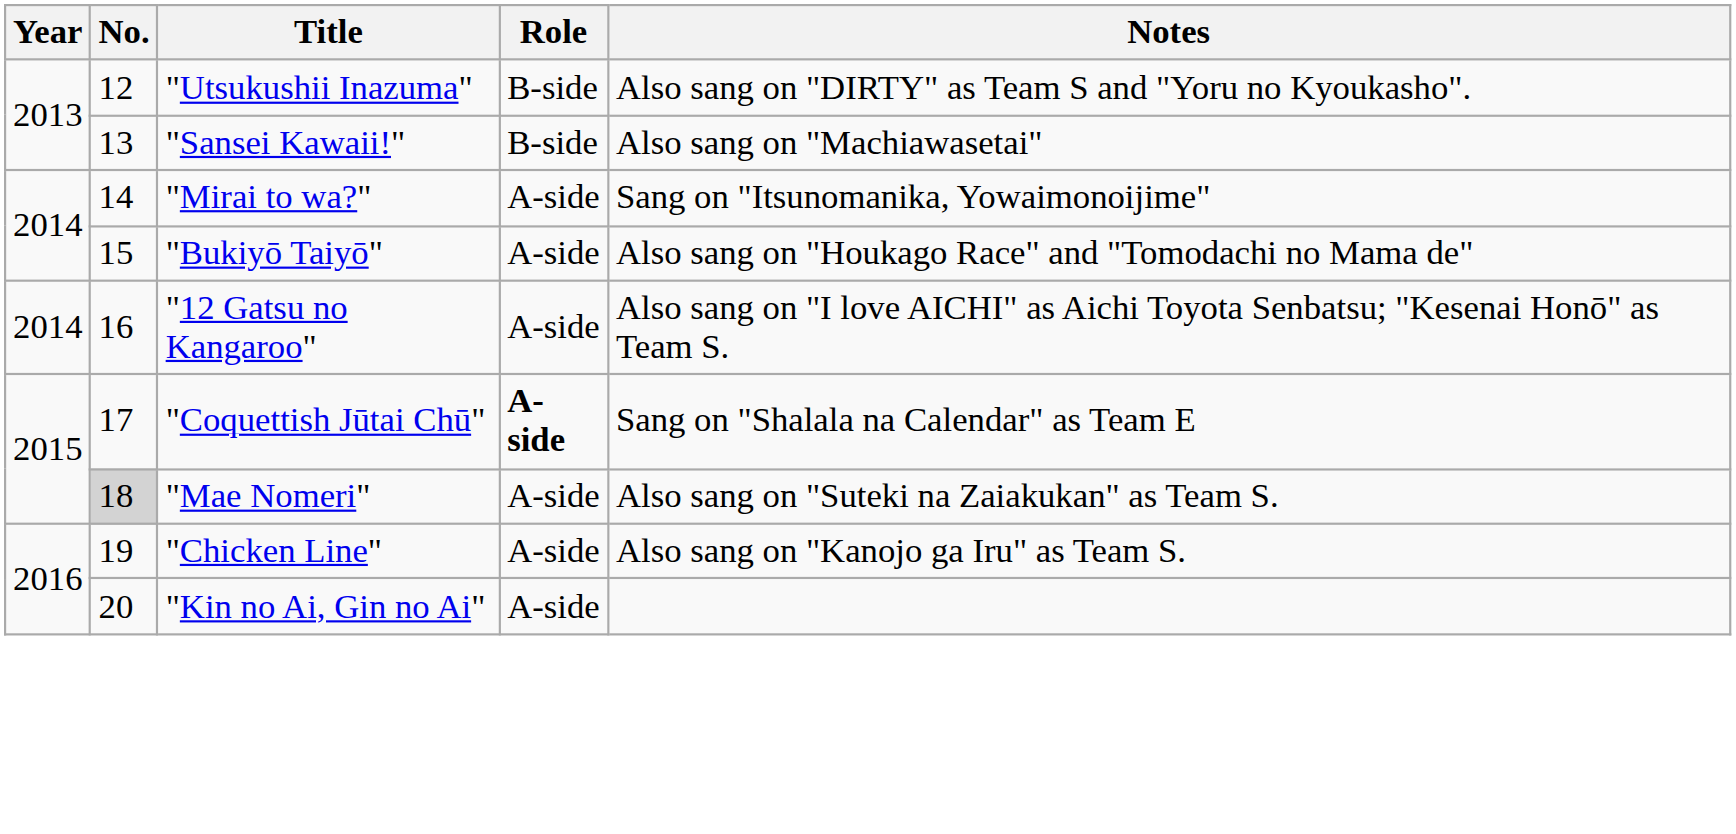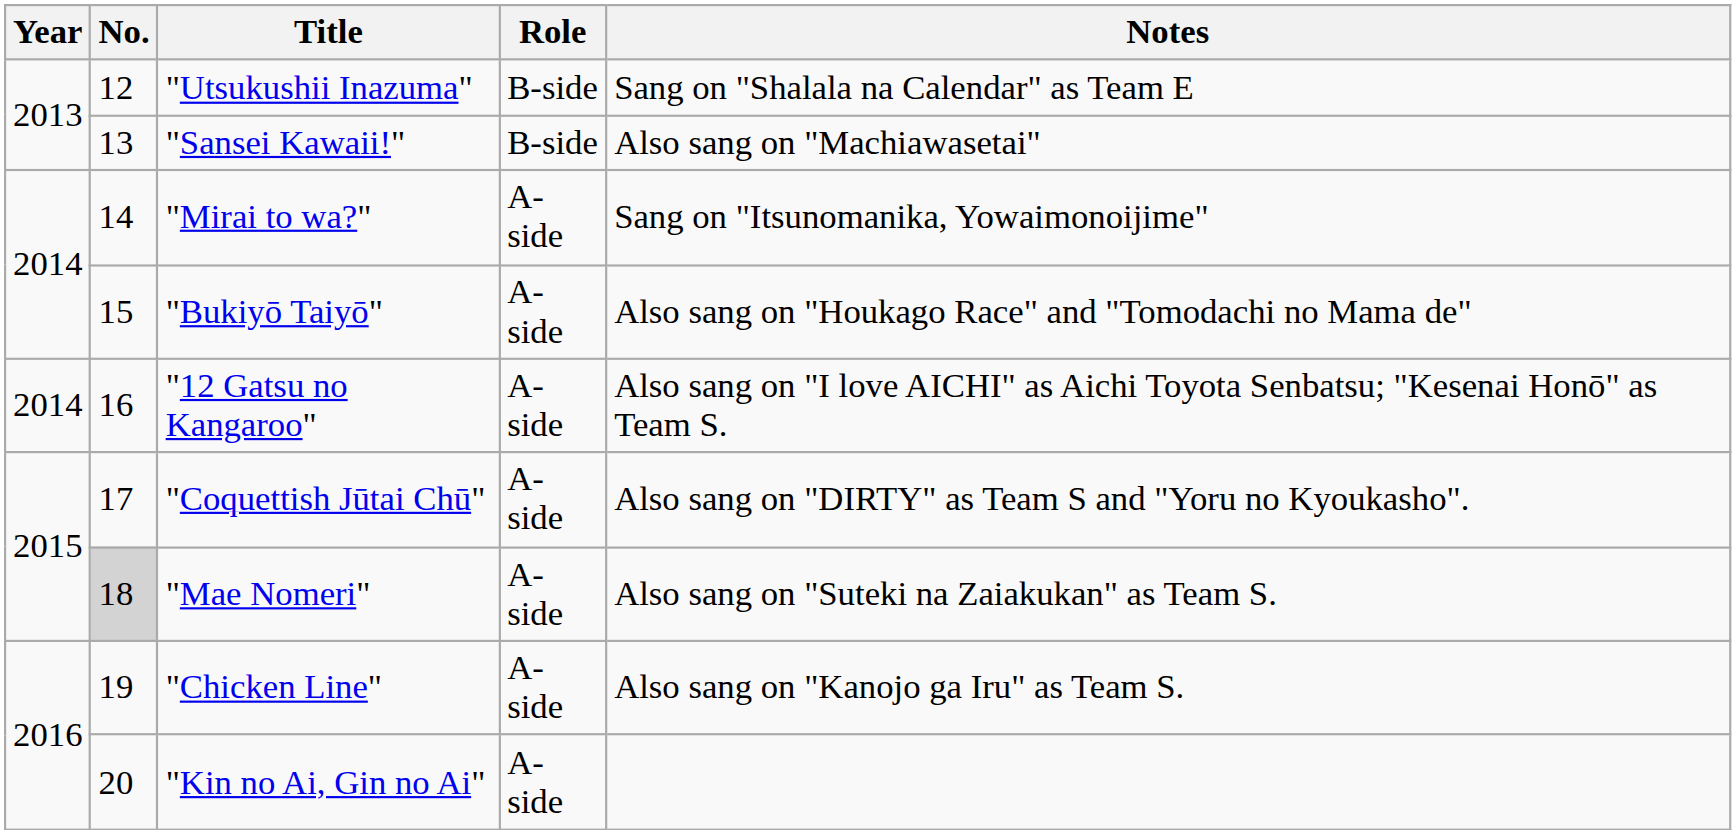 <table class="wikitable sortable" style="width:90%;">
 <tr>
 <th>Year</th>
 <th data-sort-type="number">No. </th>
 <th style="width:150px;">Title </th>
 <th>Role </th>
 <th class="unsortable">Notes </th>
 </tr>
 <tr>
 <td rowspan="2">2013</td>
 <td>12</td>
 <td>"<a href='#'>Utsukushii Inazuma</a>"</td>
 <td>B-side</td>
-<td>Also sang on "DIRTY" as Team S and "Yoru no Kyoukasho".</td>
+<td>Sang on "Shalala na Calendar" as Team E</td>
 </tr>
 <tr>
 <td>13</td>
 <td>"<a href='#'>Sansei Kawaii!</a>"</td>
 <td>B-side</td>
 <td>Also sang on "Machiawasetai"</td>
 </tr>
 <tr>
 <td rowspan="2">2014</td>
 <td>14</td>
 <td>"<a href='#'>Mirai to wa?</a>"</td>
 <td>A-side</td>
 <td>Sang on "Itsunomanika, Yowaimonoijime"</td>
 </tr>
 <tr>
 <td>15</td>
 <td>"<a href='#'>Bukiyō Taiyō</a>"</td>
 <td>A-side</td>
 <td>Also sang on "Houkago Race" and "Tomodachi no Mama de"</td>
 </tr>
 <tr>
 <td>2014</td>
 <td>16</td>
 <td>"<a href='#'>12 Gatsu no Kangaroo</a>"</td>
 <td>A-side</td>
 <td>Also sang on "I love AICHI" as Aichi Toyota Senbatsu; "Kesenai Honō" as Team S.</td>
 </tr>
 <tr>
 <td rowspan="2">2015</td>
 <td>17</td>
 <td>"<a href='#'>Coquettish Jūtai Chū</a>"</td>
-<td><strong>A-side</strong></td>
-<td>Sang on "Shalala na Calendar" as Team E</td>
+<td>A-side</td>
+<td>Also sang on "DIRTY" as Team S and "Yoru no Kyoukasho".</td>
 </tr>
 <tr>
 <td style="background: lightgrey;">18</td>
 <td>"<a href='#'>Mae Nomeri</a>"</td>
 <td>A-side</td>
 <td>Also sang on "Suteki na Zaiakukan" as Team S.</td>
 </tr>
 <tr>
 <td rowspan="2">2016</td>
 <td>19</td>
 <td>"<a href='#'>Chicken Line</a>"</td>
 <td>A-side</td>
 <td>Also sang on "Kanojo ga Iru" as Team S.</td>
 </tr>
 <tr>
 <td>20</td>
 <td>"<a href='#'>Kin no Ai, Gin no Ai</a>"</td>
 <td>A-side</td>
 <td></td>
 </tr>
 </table>
